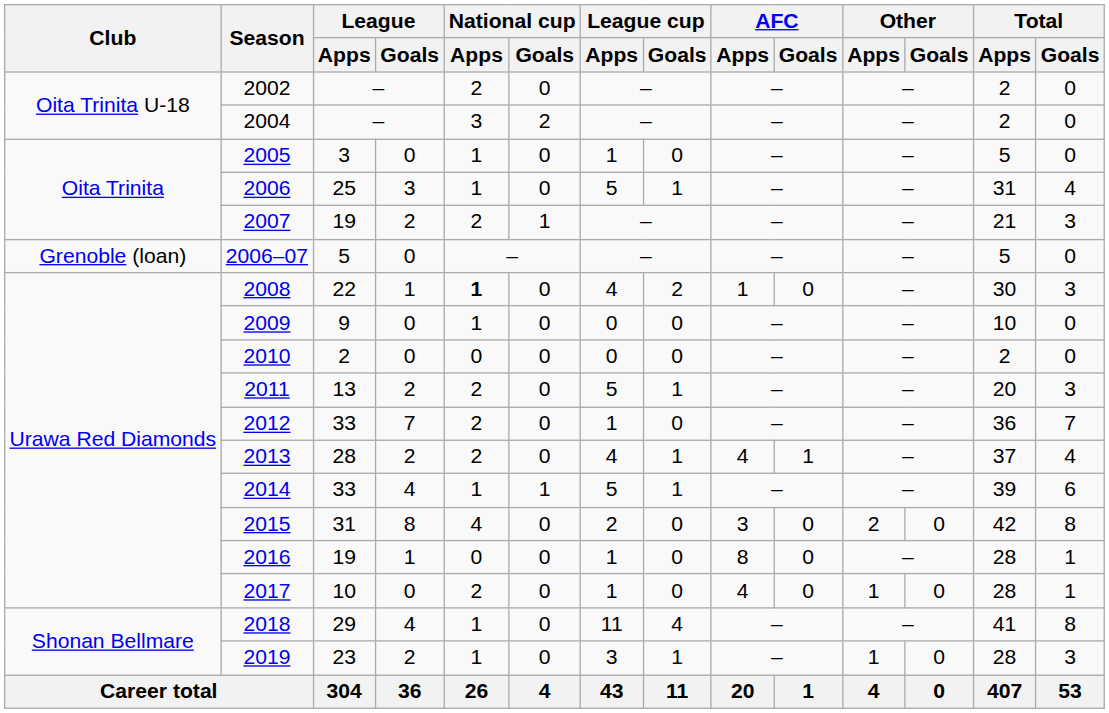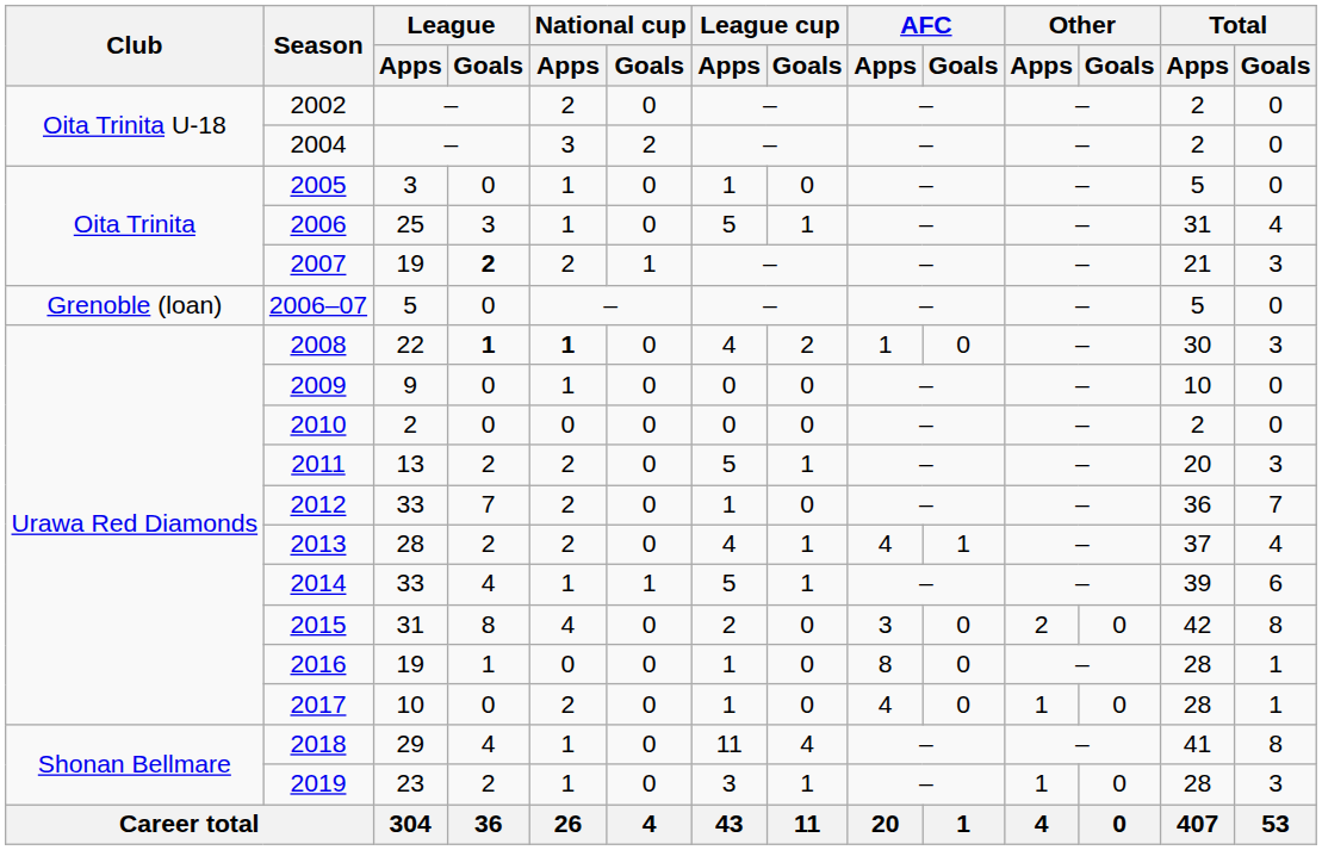 <table class="wikitable" style="text-align:center">
 <tr>
 <th rowspan="2">Club</th>
 <th rowspan="2">Season</th>
 <th colspan="2">League</th>
 <th colspan="2">National cup</th>
 <th colspan="2">League cup</th>
 <th colspan="2"><a href='#'>AFC</a></th>
 <th colspan="2">Other</th>
 <th colspan="2">Total</th>
 </tr>
 <tr>
 <th>Apps</th>
 <th>Goals</th>
 <th>Apps</th>
 <th>Goals</th>
 <th>Apps</th>
 <th>Goals</th>
 <th>Apps</th>
 <th>Goals</th>
 <th>Apps</th>
 <th>Goals</th>
 <th>Apps</th>
 <th>Goals</th>
 </tr>
 <tr>
 <td rowspan="2"><a href='#'>Oita Trinita</a> U-18</td>
 <td>2002</td>
 <td colspan="2">–</td>
 <td>2</td>
 <td>0</td>
 <td colspan="2">–</td>
 <td colspan="2">–</td>
 <td colspan="2">–</td>
 <td>2</td>
 <td>0</td>
 </tr>
 <tr>
 <td>2004</td>
 <td colspan="2">–</td>
 <td>3</td>
 <td>2</td>
 <td colspan="2">–</td>
 <td colspan="2">–</td>
 <td colspan="2">–</td>
 <td>2</td>
 <td>0</td>
 </tr>
 <tr>
 <td rowspan="3"><a href='#'>Oita Trinita</a></td>
 <td><a href='#'>2005</a></td>
 <td>3</td>
 <td>0</td>
 <td>1</td>
 <td>0</td>
 <td>1</td>
 <td>0</td>
 <td colspan="2">–</td>
 <td colspan="2">–</td>
 <td>5</td>
 <td>0</td>
 </tr>
 <tr>
 <td><a href='#'>2006</a></td>
 <td>25</td>
 <td>3</td>
 <td>1</td>
 <td>0</td>
 <td>5</td>
 <td>1</td>
 <td colspan="2">–</td>
 <td colspan="2">–</td>
 <td>31</td>
 <td>4</td>
 </tr>
 <tr>
 <td><a href='#'>2007</a></td>
 <td>19</td>
-<td>2</td>
+<td><strong>2</strong></td>
 <td>2</td>
 <td>1</td>
 <td colspan="2">–</td>
 <td colspan="2">–</td>
 <td colspan="2">–</td>
 <td>21</td>
 <td>3</td>
 </tr>
 <tr>
 <td><a href='#'>Grenoble</a> (loan)</td>
 <td><a href='#'>2006–07</a></td>
 <td>5</td>
 <td>0</td>
 <td colspan="2">–</td>
 <td colspan="2">–</td>
 <td colspan="2">–</td>
 <td colspan="2">–</td>
 <td>5</td>
 <td>0</td>
 </tr>
 <tr>
 <td rowspan="10"><a href='#'>Urawa Red Diamonds</a></td>
 <td><a href='#'>2008</a></td>
 <td>22</td>
-<td>1</td>
+<td><strong>1</strong></td>
 <td><strong>1</strong></td>
 <td>0</td>
 <td>4</td>
 <td>2</td>
 <td>1</td>
 <td>0</td>
 <td colspan="2">–</td>
 <td>30</td>
 <td>3</td>
 </tr>
 <tr>
 <td><a href='#'>2009</a></td>
 <td>9</td>
 <td>0</td>
 <td>1</td>
 <td>0</td>
 <td>0</td>
 <td>0</td>
 <td colspan="2">–</td>
 <td colspan="2">–</td>
 <td>10</td>
 <td>0</td>
 </tr>
 <tr>
 <td><a href='#'>2010</a></td>
 <td>2</td>
 <td>0</td>
 <td>0</td>
 <td>0</td>
 <td>0</td>
 <td>0</td>
 <td colspan="2">–</td>
 <td colspan="2">–</td>
 <td>2</td>
 <td>0</td>
 </tr>
 <tr>
 <td><a href='#'>2011</a></td>
 <td>13</td>
 <td>2</td>
 <td>2</td>
 <td>0</td>
 <td>5</td>
 <td>1</td>
 <td colspan="2">–</td>
 <td colspan="2">–</td>
 <td>20</td>
 <td>3</td>
 </tr>
 <tr>
 <td><a href='#'>2012</a></td>
 <td>33</td>
 <td>7</td>
 <td>2</td>
 <td>0</td>
 <td>1</td>
 <td>0</td>
 <td colspan="2">–</td>
 <td colspan="2">–</td>
 <td>36</td>
 <td>7</td>
 </tr>
 <tr>
 <td><a href='#'>2013</a></td>
 <td>28</td>
 <td>2</td>
 <td>2</td>
 <td>0</td>
 <td>4</td>
 <td>1</td>
 <td>4</td>
 <td>1</td>
 <td colspan="2">–</td>
 <td>37</td>
 <td>4</td>
 </tr>
 <tr>
 <td><a href='#'>2014</a></td>
 <td>33</td>
 <td>4</td>
 <td>1</td>
 <td>1</td>
 <td>5</td>
 <td>1</td>
 <td colspan="2">–</td>
 <td colspan="2">–</td>
 <td>39</td>
 <td>6</td>
 </tr>
 <tr>
 <td><a href='#'>2015</a></td>
 <td>31</td>
 <td>8</td>
 <td>4</td>
 <td>0</td>
 <td>2</td>
 <td>0</td>
 <td>3</td>
 <td>0</td>
 <td>2</td>
 <td>0</td>
 <td>42</td>
 <td>8</td>
 </tr>
 <tr>
 <td><a href='#'>2016</a></td>
 <td>19</td>
 <td>1</td>
 <td>0</td>
 <td>0</td>
 <td>1</td>
 <td>0</td>
 <td>8</td>
 <td>0</td>
 <td colspan="2">–</td>
 <td>28</td>
 <td>1</td>
 </tr>
 <tr>
 <td><a href='#'>2017</a></td>
 <td>10</td>
 <td>0</td>
 <td>2</td>
 <td>0</td>
 <td>1</td>
 <td>0</td>
 <td>4</td>
 <td>0</td>
 <td>1</td>
 <td>0</td>
 <td>28</td>
 <td>1</td>
 </tr>
 <tr>
 <td rowspan="2"><a href='#'>Shonan Bellmare</a></td>
 <td><a href='#'>2018</a></td>
 <td>29</td>
 <td>4</td>
 <td>1</td>
 <td>0</td>
 <td>11</td>
 <td>4</td>
 <td colspan="2">–</td>
 <td colspan="2">–</td>
 <td>41</td>
 <td>8</td>
 </tr>
 <tr>
 <td><a href='#'>2019</a></td>
 <td>23</td>
 <td>2</td>
 <td>1</td>
 <td>0</td>
 <td>3</td>
 <td>1</td>
 <td colspan="2">–</td>
 <td>1</td>
 <td>0</td>
 <td>28</td>
 <td>3</td>
 </tr>
 <tr>
 <th colspan="2">Career total</th>
 <th>304</th>
 <th>36</th>
 <th>26</th>
 <th>4</th>
 <th>43</th>
 <th>11</th>
 <th>20</th>
 <th>1</th>
 <th>4</th>
 <th>0</th>
 <th>407</th>
 <th>53</th>
 </tr>
 </table>
